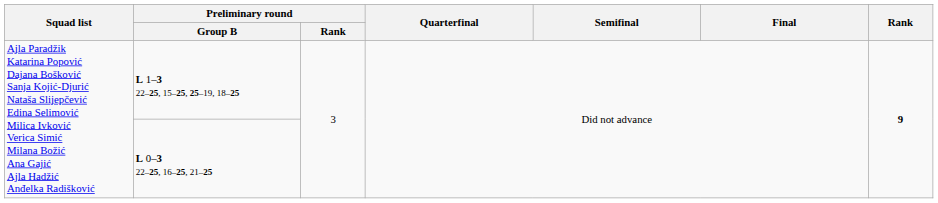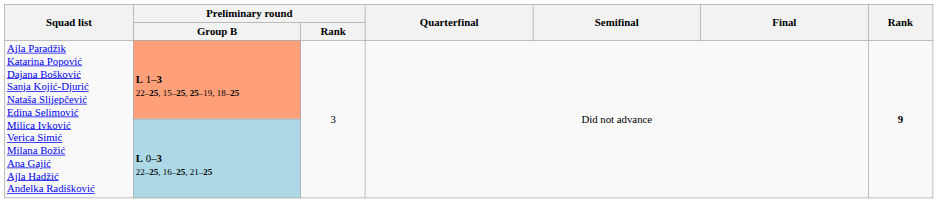 <table class="wikitable" width="98%" style="text-align:left; font-size:90%">
 <tr>
 <th rowspan="2" width="10%">Squad list</th>
 <th colspan="2">Preliminary round</th>
 <th rowspan="2" width="13%">Quarterfinal</th>
 <th rowspan="2" width="13%">Semifinal</th>
 <th rowspan="2" width="13%">Final</th>
 <th rowspan="2" width="5%">Rank</th>
 </tr>
 <tr>
 <th width="13%">Group B</th>
 <th width="5%">Rank</th>
 </tr>
 <tr>
 <td rowspan=2><a href='#'>Ajla Paradžik</a><br><a href='#'>Katarina Popović</a><br><a href='#'>Dajana Bošković</a> <br><a href='#'>Sanja Kojić-Djurić</a><br><a href='#'>Nataša Slijepčević</a><br><a href='#'>Edina Selimović</a><br><a href='#'>Milica Ivković</a><br><a href='#'>Verica Simić</a><br><a href='#'>Milana Božić</a><br><a href='#'>Ana Gajić</a><br><a href='#'>Ajla Hadžić</a><br><a href='#'>Anđelka Radišković</a></td>
-<td><br><strong>L</strong> 1–<strong>3</strong><br><small>22–<strong>25</strong>, 15–<strong>25</strong>, <strong>25</strong>–19, 18–<strong>25</strong></small></td>
+<td style="background: lightsalmon;"><br><strong>L</strong> 1–<strong>3</strong><br><small>22–<strong>25</strong>, 15–<strong>25</strong>, <strong>25</strong>–19, 18–<strong>25</strong></small></td>
 <td rowspan=2 align=center>3</td>
 <td rowspan=2 colspan=3 align=center>Did not advance</td>
 <td rowspan=2 align=center><strong>9</strong></td>
 </tr>
 <tr>
-<td><br><strong>L</strong> 0–<strong>3</strong><br><small>22–<strong>25</strong>, 16–<strong>25</strong>, 21–<strong>25</strong></small></td>
+<td style="background: lightblue;"><br><strong>L</strong> 0–<strong>3</strong><br><small>22–<strong>25</strong>, 16–<strong>25</strong>, 21–<strong>25</strong></small></td>
 </tr>
 </table>
